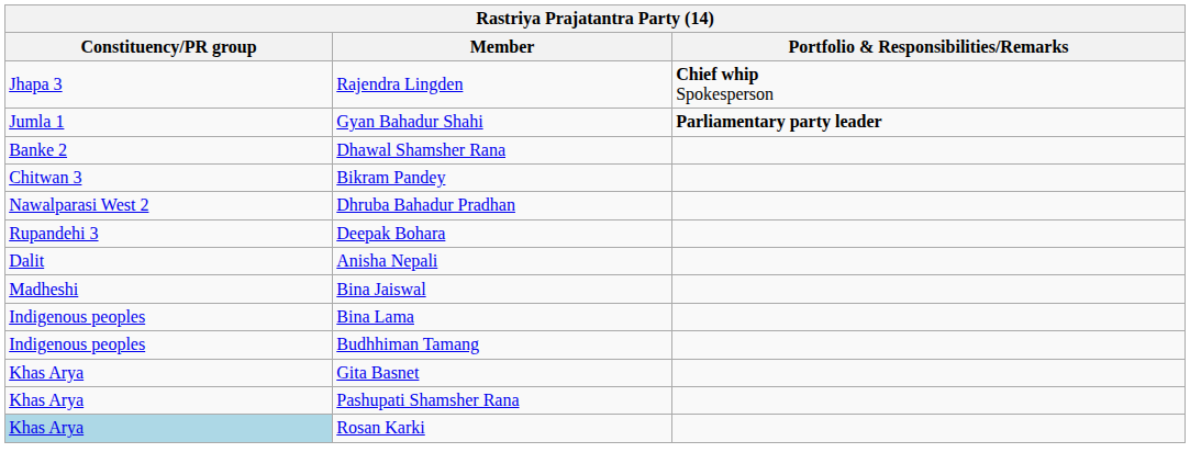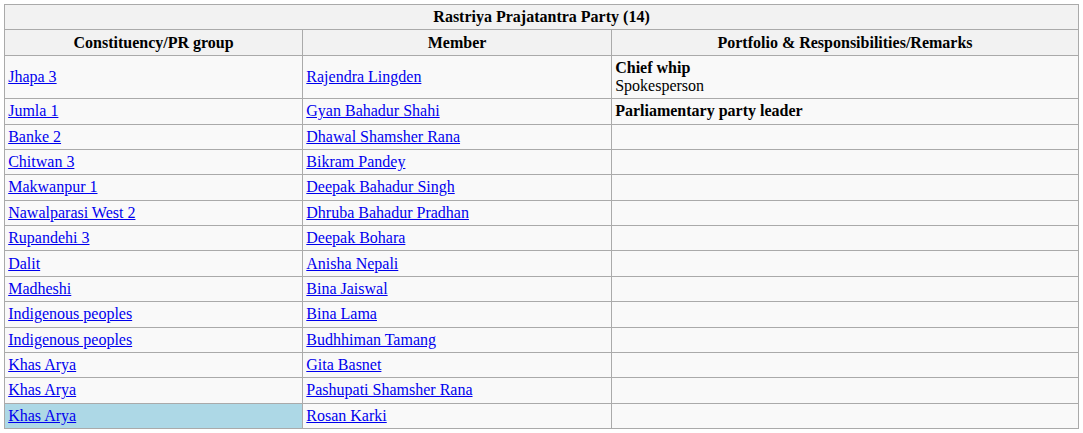 <table class="wikitable sortable">
 <tr>
 <th colspan="3" style="width: 800pt; background:">Rastriya Prajatantra Party (14)</th>
 </tr>
 <tr>
 <th style="background-color:">Constituency/PR group</th>
 <th style="background-color:">Member</th>
 <th style="background-color:">Portfolio & Responsibilities/Remarks</th>
 </tr>
 <tr>
 <td><a href='#'>Jhapa 3</a></td>
 <td><a href='#'>Rajendra Lingden</a></td>
 <td><strong>Chief whip</strong><br> Spokesperson</td>
 </tr>
 <tr>
 <td><a href='#'>Jumla 1</a></td>
 <td><a href='#'>Gyan Bahadur Shahi</a></td>
 <td><strong>Parliamentary party leader</strong></td>
 </tr>
 <tr>
 <td><a href='#'>Banke 2</a></td>
 <td><a href='#'>Dhawal Shamsher Rana</a></td>
 <td></td>
 </tr>
 <tr>
 <td><a href='#'>Chitwan 3</a></td>
 <td><a href='#'>Bikram Pandey</a></td>
+<td></td>
+</tr>
+<tr>
+<td><a href='#'>Makwanpur 1</a></td>
+<td><a href='#'>Deepak Bahadur Singh</a></td>
 <td></td>
 </tr>
 <tr>
 <td><a href='#'>Nawalparasi West 2</a></td>
 <td><a href='#'>Dhruba Bahadur Pradhan</a></td>
 <td></td>
 </tr>
 <tr>
 <td><a href='#'>Rupandehi 3</a></td>
 <td><a href='#'>Deepak Bohara</a></td>
 <td></td>
 </tr>
 <tr>
 <td><a href='#'>Dalit</a></td>
 <td><a href='#'>Anisha Nepali</a></td>
 <td></td>
 </tr>
 <tr>
 <td><a href='#'>Madheshi</a></td>
 <td><a href='#'>Bina Jaiswal</a></td>
 <td></td>
 </tr>
 <tr>
 <td><a href='#'>Indigenous peoples</a></td>
 <td><a href='#'>Bina Lama</a></td>
 <td></td>
 </tr>
 <tr>
 <td><a href='#'>Indigenous peoples</a></td>
 <td><a href='#'>Budhhiman Tamang</a></td>
 <td></td>
 </tr>
 <tr>
 <td><a href='#'>Khas Arya</a></td>
 <td><a href='#'>Gita Basnet</a></td>
 <td></td>
 </tr>
 <tr>
 <td><a href='#'>Khas Arya</a></td>
 <td><a href='#'>Pashupati Shamsher Rana</a></td>
 <td></td>
 </tr>
 <tr>
 <td style="background: lightblue;"><a href='#'>Khas Arya</a></td>
 <td><a href='#'>Rosan Karki</a></td>
 <td></td>
 </tr>
 </table>
